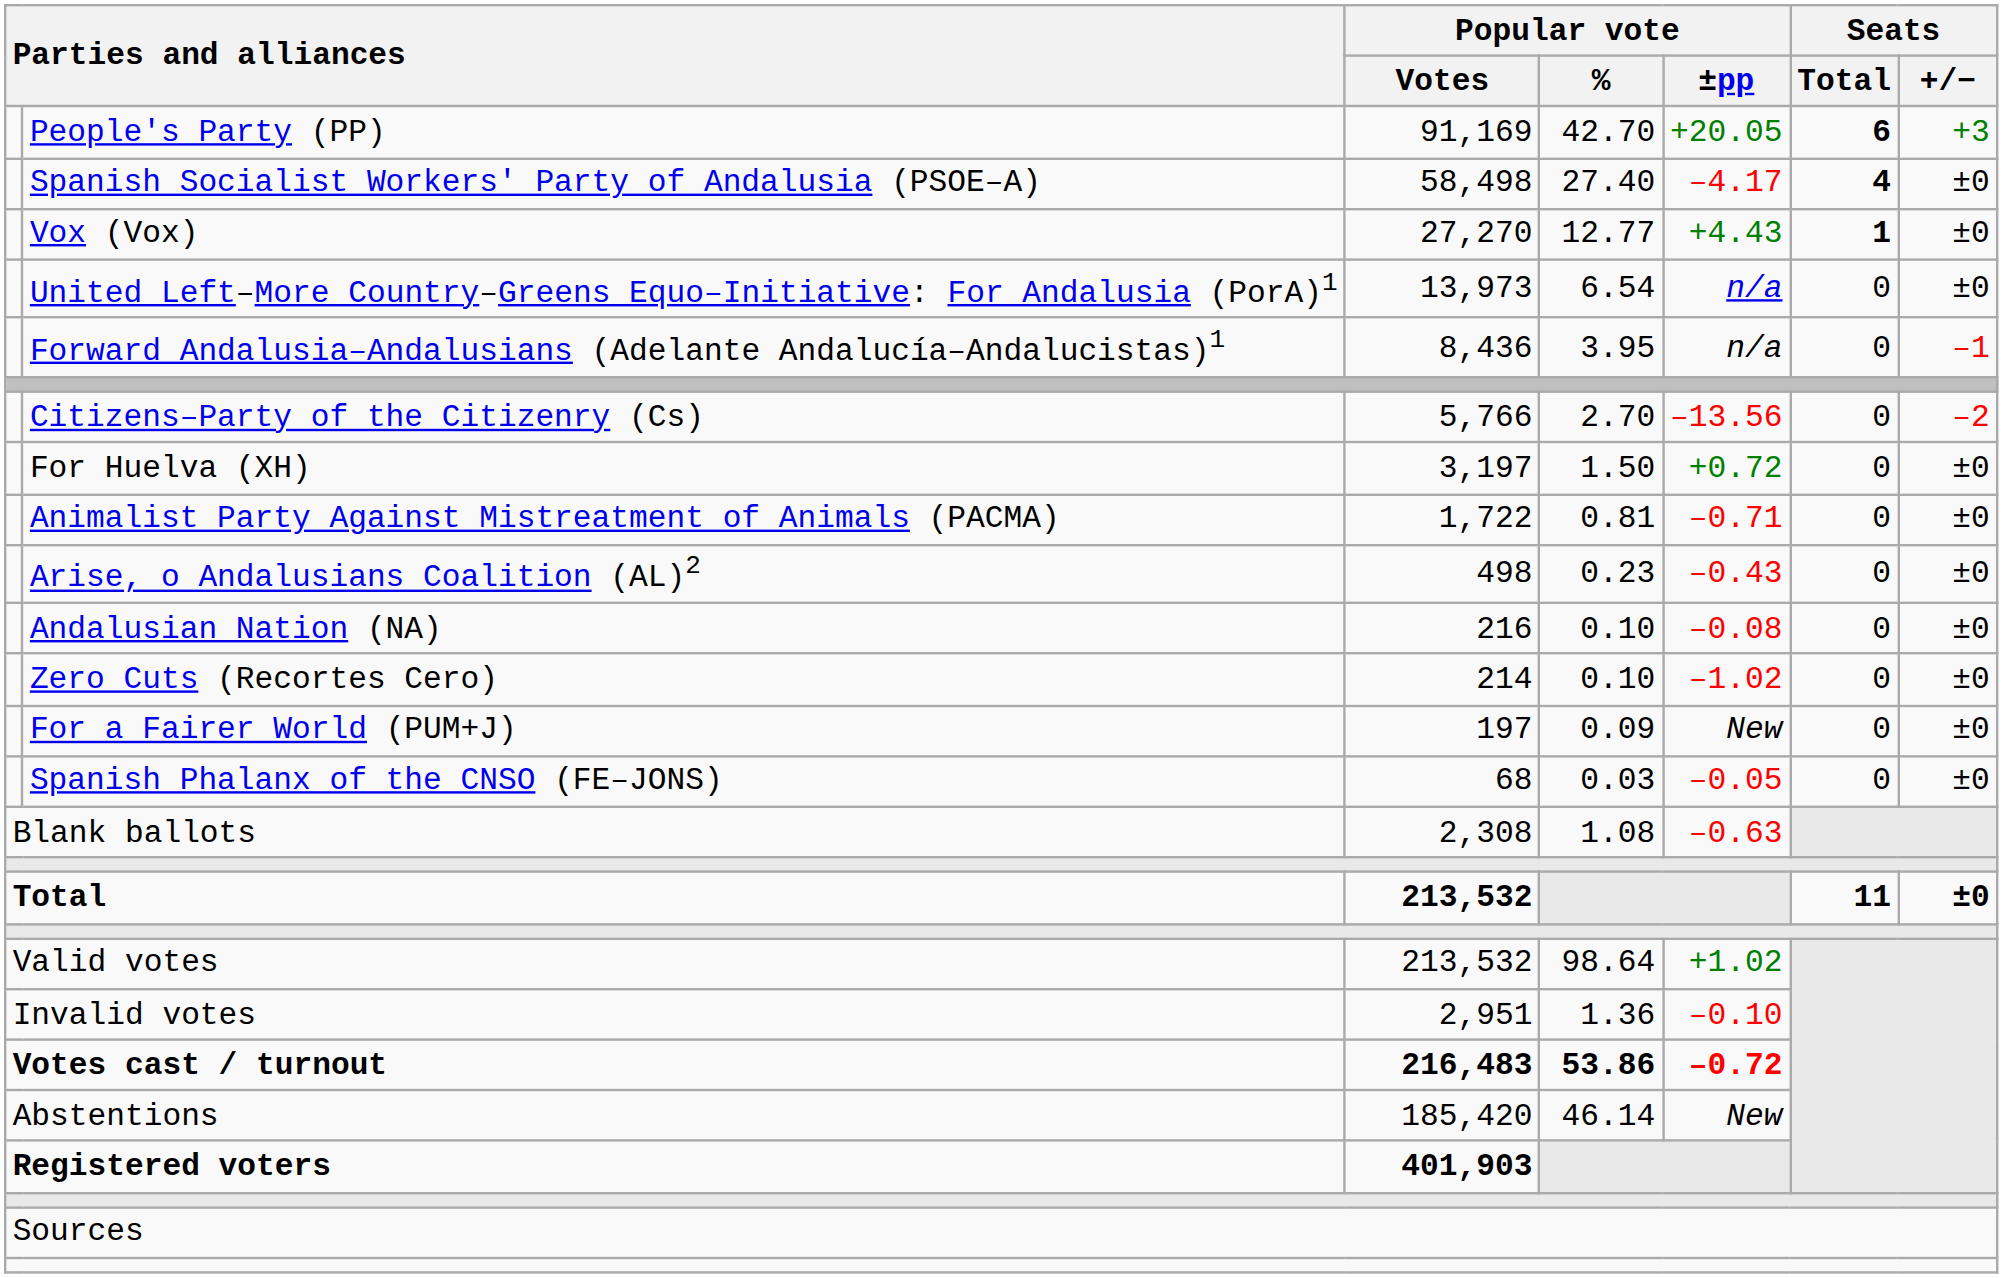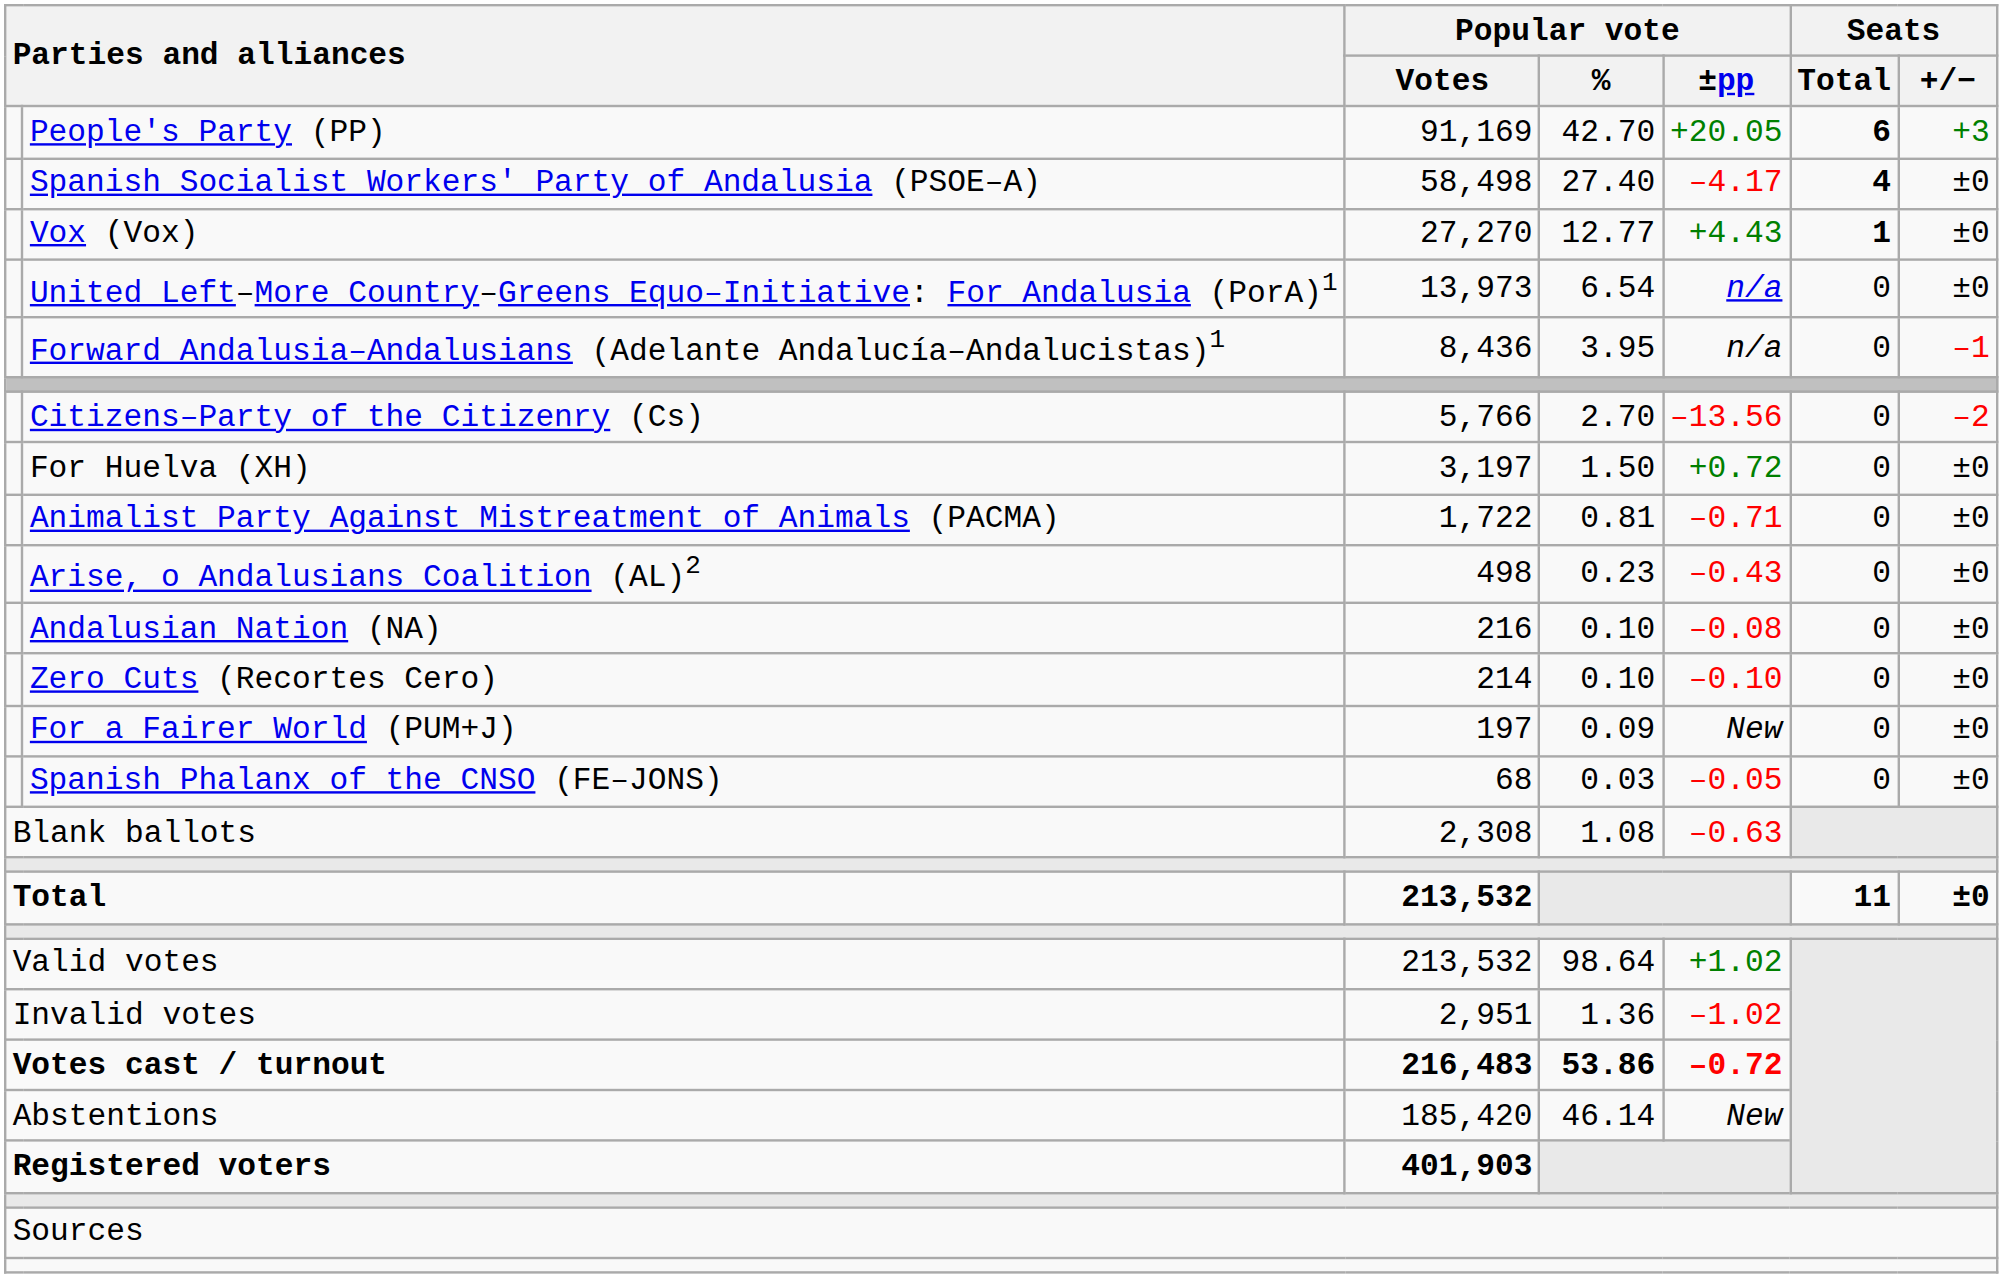 <table class="wikitable" style="text-align:right;">
 <tr>
 <th style="text-align:left;" rowspan="2" colspan="2" width="525">Parties and alliances</th>
 <th colspan="3">Popular vote</th>
 <th colspan="2">Seats</th>
 </tr>
 <tr>
 <th width="75">Votes</th>
 <th width="45">%</th>
 <th width="45">±<a href='#'>pp</a></th>
 <th width="35">Total</th>
 <th width="35">+/−</th>
 </tr>
 <tr>
 <td width="1" style="color:inherit;background:"></td>
 <td align="left"><a href='#'>People's Party</a> (PP)</td>
 <td>91,169</td>
 <td>42.70</td>
 <td style="color:green;">+20.05</td>
 <td><strong>6</strong></td>
 <td style="color:green;">+3</td>
 </tr>
 <tr>
 <td style="color:inherit;background:"></td>
 <td align="left"><a href='#'>Spanish Socialist Workers' Party of Andalusia</a> (PSOE–A)</td>
 <td>58,498</td>
 <td>27.40</td>
 <td style="color:red;">–4.17</td>
 <td><strong>4</strong></td>
 <td>±0</td>
 </tr>
 <tr>
 <td style="color:inherit;background:"></td>
 <td align="left"><a href='#'>Vox</a> (Vox)</td>
 <td>27,270</td>
 <td>12.77</td>
 <td style="color:green;">+4.43</td>
 <td><strong>1</strong></td>
 <td>±0</td>
 </tr>
 <tr>
 <td style="color:inherit;background:"></td>
 <td align="left"><a href='#'>United Left</a>–<a href='#'>More Country</a>–<a href='#'>Greens Equo–Initiative</a>: <a href='#'>For Andalusia</a> (PorA)<sup>1</sup></td>
 <td>13,973</td>
 <td>6.54</td>
 <td><em><a href='#'>n/a</a></em></td>
 <td>0</td>
 <td>±0</td>
 </tr>
 <tr>
 <td style="color:inherit;background:"></td>
 <td align="left"><a href='#'>Forward Andalusia–Andalusians</a> (Adelante Andalucía–Andalucistas)<sup>1</sup></td>
 <td>8,436</td>
 <td>3.95</td>
 <td><em>n/a</em></td>
 <td>0</td>
 <td style="color:red;">–1</td>
 </tr>
 <tr>
 <td colspan="7" bgcolor="#C0C0C0"></td>
 </tr>
 <tr>
 <td style="color:inherit;background:"></td>
 <td align="left"><a href='#'>Citizens–Party of the Citizenry</a> (Cs)</td>
 <td>5,766</td>
 <td>2.70</td>
 <td style="color:red;">–13.56</td>
 <td>0</td>
 <td style="color:red;">–2</td>
 </tr>
 <tr>
 <td style="color:inherit;background:"></td>
 <td align="left">For Huelva (XH)</td>
 <td>3,197</td>
 <td>1.50</td>
 <td style="color:green;">+0.72</td>
 <td>0</td>
 <td>±0</td>
 </tr>
 <tr>
 <td style="color:inherit;background:"></td>
 <td align="left"><a href='#'>Animalist Party Against Mistreatment of Animals</a> (PACMA)</td>
 <td>1,722</td>
 <td>0.81</td>
 <td style="color:red;">–0.71</td>
 <td>0</td>
 <td>±0</td>
 </tr>
 <tr>
 <td style="color:inherit;background:"></td>
 <td align="left"><a href='#'>Arise, o Andalusians Coalition</a> (AL)<sup>2</sup></td>
 <td>498</td>
 <td>0.23</td>
 <td style="color:red;">–0.43</td>
 <td>0</td>
 <td>±0</td>
 </tr>
 <tr>
 <td style="color:inherit;background:"></td>
 <td align="left"><a href='#'>Andalusian Nation</a> (NA)</td>
 <td>216</td>
 <td>0.10</td>
 <td style="color:red;">–0.08</td>
 <td>0</td>
 <td>±0</td>
 </tr>
 <tr>
 <td style="color:inherit;background:"></td>
 <td align="left"><a href='#'>Zero Cuts</a> (Recortes Cero)</td>
 <td>214</td>
 <td>0.10</td>
-<td style="color:red;">–1.02</td>
+<td style="color:red;">–0.10</td>
 <td>0</td>
 <td>±0</td>
 </tr>
 <tr>
 <td style="color:inherit;background:"></td>
 <td align="left"><a href='#'>For a Fairer World</a> (PUM+J)</td>
 <td>197</td>
 <td>0.09</td>
 <td><em>New</em></td>
 <td>0</td>
 <td>±0</td>
 </tr>
 <tr>
 <td style="color:inherit;background:"></td>
 <td align="left"><a href='#'>Spanish Phalanx of the CNSO</a> (FE–JONS)</td>
 <td>68</td>
 <td>0.03</td>
 <td style="color:red;">–0.05</td>
 <td>0</td>
 <td>±0</td>
 </tr>
 <tr>
 <td align="left" colspan="2">Blank ballots</td>
 <td>2,308</td>
 <td>1.08</td>
 <td style="color:red;">–0.63</td>
 <td bgcolor="#E9E9E9" colspan="2"></td>
 </tr>
 <tr>
 <td colspan="7" bgcolor="#E9E9E9"></td>
 </tr>
 <tr style="font-weight:bold;">
 <td align="left" colspan="2">Total</td>
 <td>213,532</td>
 <td bgcolor="#E9E9E9" colspan="2"></td>
 <td>11</td>
 <td>±0</td>
 </tr>
 <tr>
 <td colspan="7" bgcolor="#E9E9E9"></td>
 </tr>
 <tr>
 <td align="left" colspan="2">Valid votes</td>
 <td>213,532</td>
 <td>98.64</td>
 <td style="color:green;">+1.02</td>
 <td bgcolor="#E9E9E9" colspan="2" rowspan="5"></td>
 </tr>
 <tr>
 <td align="left" colspan="2">Invalid votes</td>
 <td>2,951</td>
 <td>1.36</td>
-<td style="color:red;">–0.10</td>
+<td style="color:red;">–1.02</td>
 </tr>
 <tr style="font-weight:bold;">
 <td align="left" colspan="2">Votes cast / turnout</td>
 <td>216,483</td>
 <td>53.86</td>
 <td style="color:red;">–0.72</td>
 </tr>
 <tr>
 <td align="left" colspan="2">Abstentions</td>
 <td>185,420</td>
 <td>46.14</td>
 <td><em>New</em></td>
 </tr>
 <tr style="font-weight:bold;">
 <td align="left" colspan="2">Registered voters</td>
 <td>401,903</td>
 <td bgcolor="#E9E9E9" colspan="2"></td>
 </tr>
 <tr>
 <td colspan="7" bgcolor="#E9E9E9"></td>
 </tr>
 <tr>
 <td align="left" colspan="7">Sources</td>
 </tr>
 <tr>
 <td colspan="7" style="text-align:left; max-width:790px;"></td>
 </tr>
 </table>
